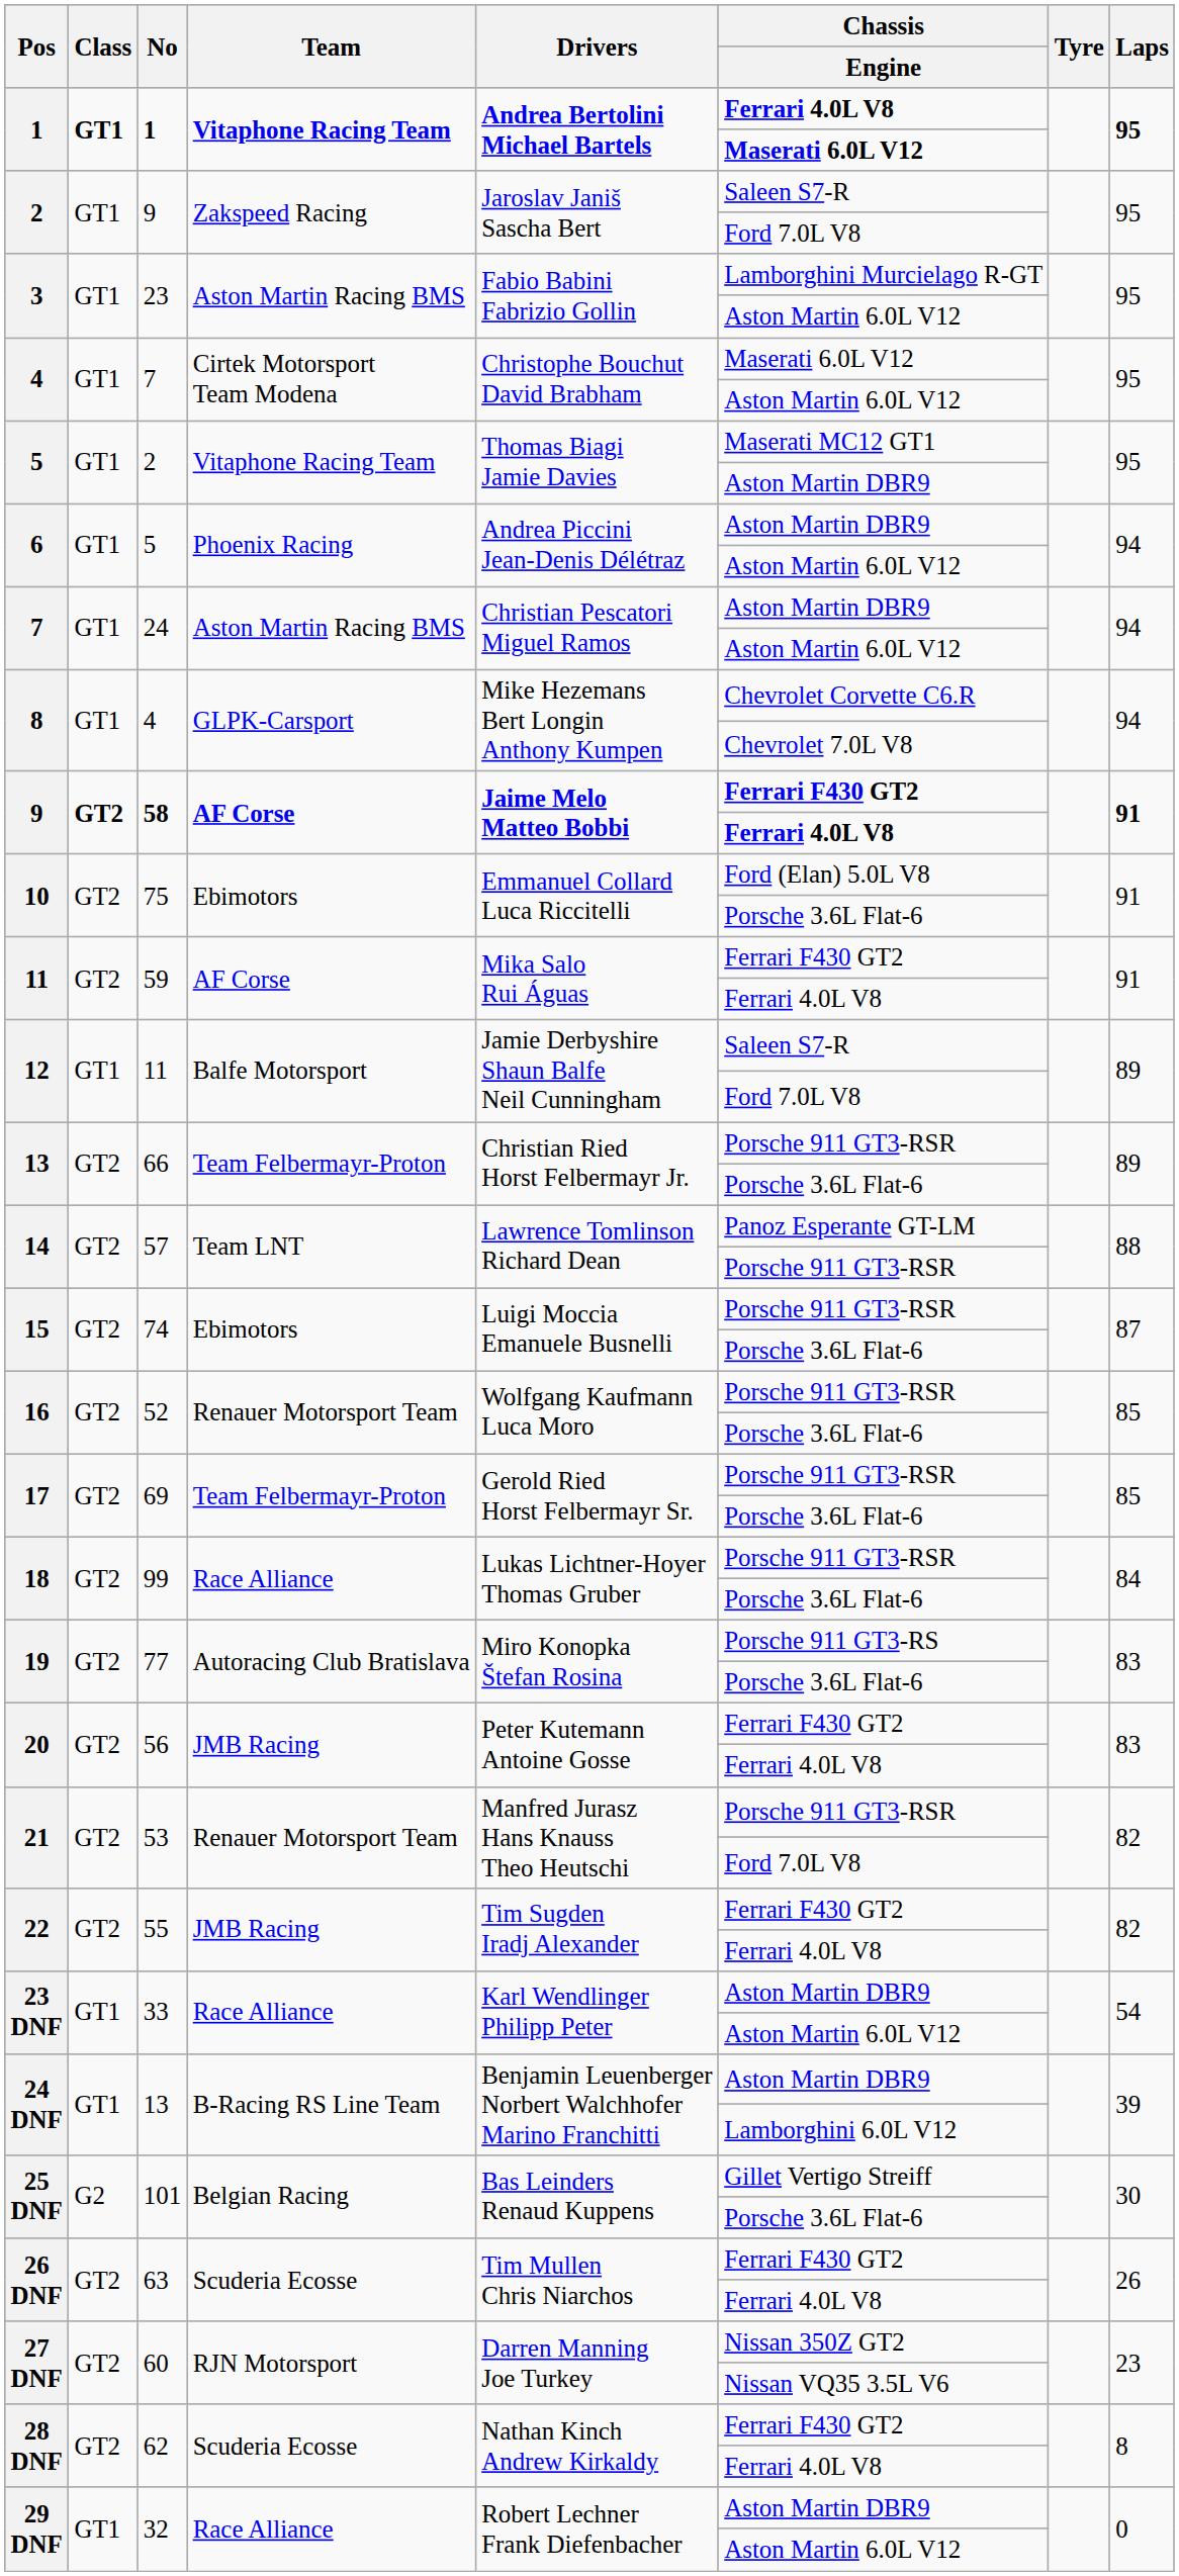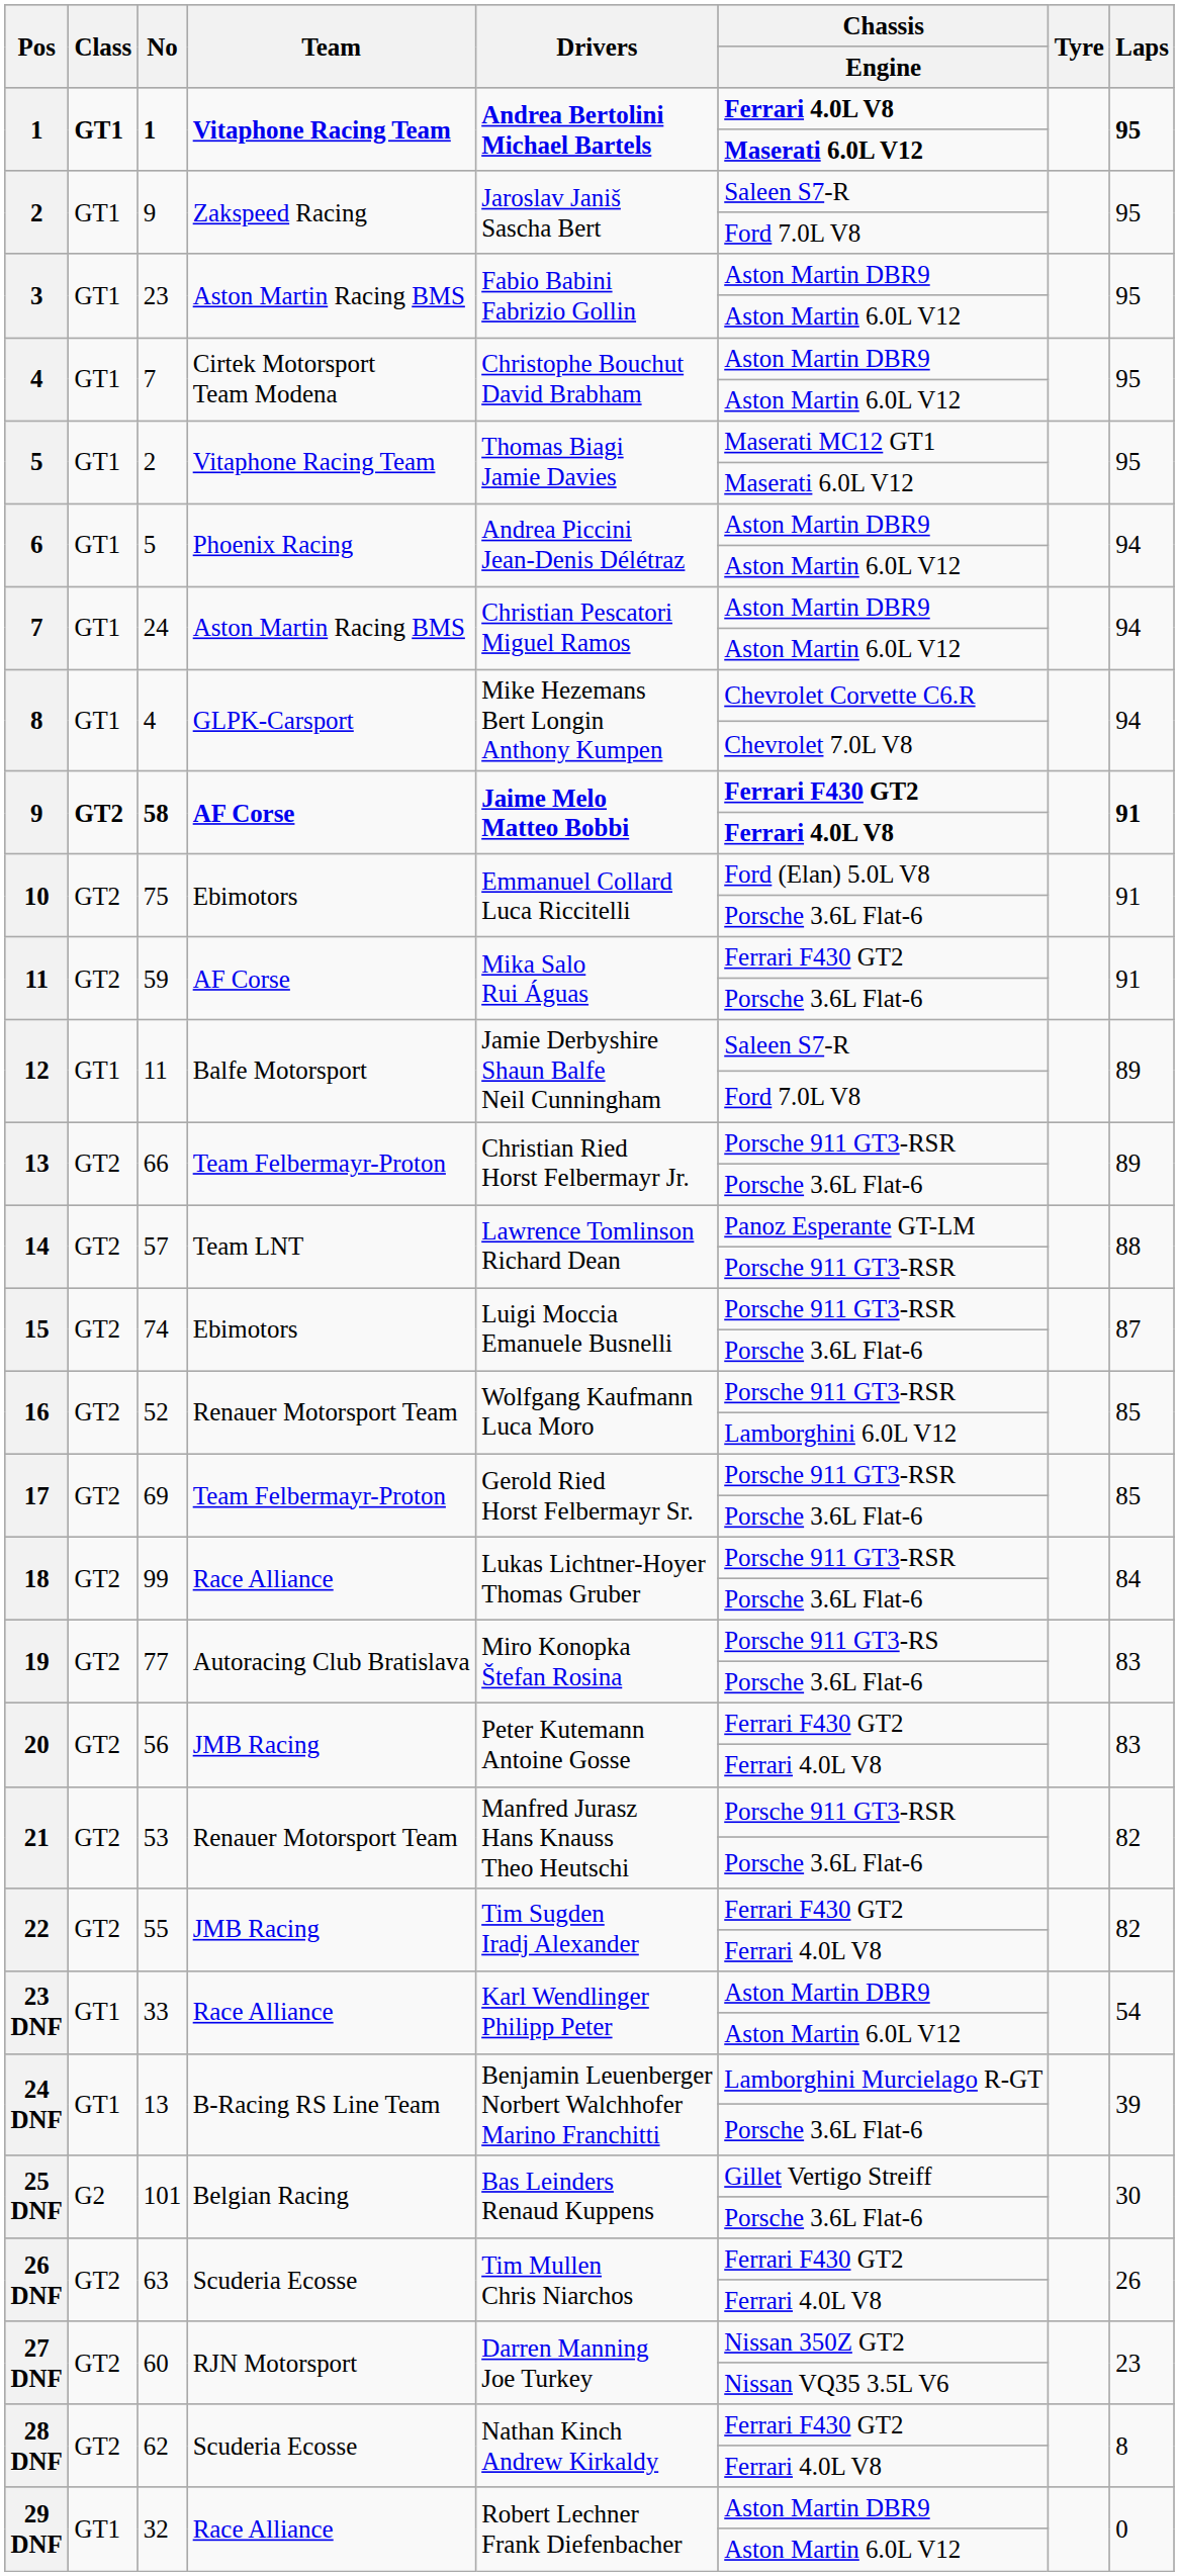 <table class="wikitable" style="font-size: 95%;">
 <tr>
 <th rowspan=2>Pos</th>
 <th rowspan=2>Class</th>
 <th rowspan=2>No</th>
 <th rowspan=2>Team</th>
 <th rowspan=2>Drivers</th>
 <th>Chassis</th>
 <th rowspan=2>Tyre</th>
 <th rowspan=2>Laps</th>
 </tr>
 <tr>
 <th>Engine</th>
 </tr>
 <tr style="font-weight:bold">
 <th rowspan=2>1</th>
 <td rowspan=2>GT1</td>
 <td rowspan=2>1</td>
 <td rowspan=2> <a href='#'>Vitaphone Racing Team</a></td>
 <td rowspan=2> <a href='#'>Andrea Bertolini</a><br> <a href='#'>Michael Bartels</a></td>
 <td><a href='#'>Ferrari</a> 4.0L V8</td>
 <td rowspan=2></td>
 <td rowspan=2>95</td>
 </tr>
 <tr style="font-weight:bold">
 <td><a href='#'>Maserati</a> 6.0L V12</td>
 </tr>
 <tr>
 <th rowspan=2>2</th>
 <td rowspan=2>GT1</td>
 <td rowspan=2>9</td>
 <td rowspan=2> <a href='#'>Zakspeed</a> Racing</td>
 <td rowspan=2> <a href='#'>Jaroslav Janiš</a><br> Sascha Bert</td>
 <td><a href='#'>Saleen S7</a>-R</td>
 <td rowspan=2></td>
 <td rowspan=2>95</td>
 </tr>
 <tr>
 <td><a href='#'>Ford</a> 7.0L V8</td>
 </tr>
 <tr>
 <th rowspan=2>3</th>
 <td rowspan=2>GT1</td>
 <td rowspan=2>23</td>
 <td rowspan=2> <a href='#'>Aston Martin</a> Racing <a href='#'>BMS</a></td>
 <td rowspan=2> <a href='#'>Fabio Babini</a><br> <a href='#'>Fabrizio Gollin</a></td>
-<td><a href='#'>Lamborghini Murcielago</a> R-GT</td>
+<td><a href='#'>Aston Martin DBR9</a></td>
 <td rowspan=2></td>
 <td rowspan=2>95</td>
 </tr>
 <tr>
 <td><a href='#'>Aston Martin</a> 6.0L V12</td>
 </tr>
 <tr>
 <th rowspan=2>4</th>
 <td rowspan=2>GT1</td>
 <td rowspan=2>7</td>
 <td rowspan=2> Cirtek Motorsport<br> Team Modena</td>
 <td rowspan=2> <a href='#'>Christophe Bouchut</a><br> <a href='#'>David Brabham</a></td>
-<td><a href='#'>Maserati</a> 6.0L V12</td>
+<td><a href='#'>Aston Martin DBR9</a></td>
 <td rowspan=2></td>
 <td rowspan=2>95</td>
 </tr>
 <tr>
 <td><a href='#'>Aston Martin</a> 6.0L V12</td>
 </tr>
 <tr>
 <th rowspan=2>5</th>
 <td rowspan=2>GT1</td>
 <td rowspan=2>2</td>
 <td rowspan=2> <a href='#'>Vitaphone Racing Team</a></td>
 <td rowspan=2> <a href='#'>Thomas Biagi</a><br> <a href='#'>Jamie Davies</a></td>
 <td><a href='#'>Maserati MC12</a> GT1</td>
 <td rowspan=2></td>
 <td rowspan=2>95</td>
 </tr>
 <tr>
-<td><a href='#'>Aston Martin DBR9</a></td>
+<td><a href='#'>Maserati</a> 6.0L V12</td>
 </tr>
 <tr>
 <th rowspan=2>6</th>
 <td rowspan=2>GT1</td>
 <td rowspan=2>5</td>
 <td rowspan=2> <a href='#'>Phoenix Racing</a></td>
 <td rowspan=2> <a href='#'>Andrea Piccini</a><br> <a href='#'>Jean-Denis Délétraz</a></td>
 <td><a href='#'>Aston Martin DBR9</a></td>
 <td rowspan=2></td>
 <td rowspan=2>94</td>
 </tr>
 <tr>
 <td><a href='#'>Aston Martin</a> 6.0L V12</td>
 </tr>
 <tr>
 <th rowspan=2>7</th>
 <td rowspan=2>GT1</td>
 <td rowspan=2>24</td>
 <td rowspan=2> <a href='#'>Aston Martin</a> Racing <a href='#'>BMS</a></td>
 <td rowspan=2> <a href='#'>Christian Pescatori</a><br> <a href='#'>Miguel Ramos</a></td>
 <td><a href='#'>Aston Martin DBR9</a></td>
 <td rowspan=2></td>
 <td rowspan=2>94</td>
 </tr>
 <tr>
 <td><a href='#'>Aston Martin</a> 6.0L V12</td>
 </tr>
 <tr>
 <th rowspan=2>8</th>
 <td rowspan=2>GT1</td>
 <td rowspan=2>4</td>
 <td rowspan=2> <a href='#'>GLPK-Carsport</a></td>
 <td rowspan=2> Mike Hezemans<br> Bert Longin<br> <a href='#'>Anthony Kumpen</a></td>
 <td><a href='#'>Chevrolet Corvette C6.R</a></td>
 <td rowspan=2></td>
 <td rowspan=2>94</td>
 </tr>
 <tr>
 <td><a href='#'>Chevrolet</a> 7.0L V8</td>
 </tr>
 <tr style="font-weight:bold">
 <th rowspan=2>9</th>
 <td rowspan=2>GT2</td>
 <td rowspan=2>58</td>
 <td rowspan=2> <a href='#'>AF Corse</a></td>
 <td rowspan=2> <a href='#'>Jaime Melo</a><br> <a href='#'>Matteo Bobbi</a></td>
 <td><a href='#'>Ferrari F430</a> GT2</td>
 <td rowspan=2></td>
 <td rowspan=2>91</td>
 </tr>
 <tr style="font-weight:bold">
 <td><a href='#'>Ferrari</a> 4.0L V8</td>
 </tr>
 <tr>
 <th rowspan=2>10</th>
 <td rowspan=2>GT2</td>
 <td rowspan=2>75</td>
 <td rowspan=2> Ebimotors</td>
 <td rowspan=2> <a href='#'>Emmanuel Collard</a><br> Luca Riccitelli</td>
 <td><a href='#'>Ford</a> (Elan) 5.0L V8</td>
 <td rowspan=2></td>
 <td rowspan=2>91</td>
 </tr>
 <tr>
 <td><a href='#'>Porsche</a> 3.6L Flat-6</td>
 </tr>
 <tr>
 <th rowspan=2>11</th>
 <td rowspan=2>GT2</td>
 <td rowspan=2>59</td>
 <td rowspan=2> <a href='#'>AF Corse</a></td>
 <td rowspan=2> <a href='#'>Mika Salo</a><br> <a href='#'>Rui Águas</a></td>
 <td><a href='#'>Ferrari F430</a> GT2</td>
 <td rowspan=2></td>
 <td rowspan=2>91</td>
 </tr>
 <tr>
-<td><a href='#'>Ferrari</a> 4.0L V8</td>
+<td><a href='#'>Porsche</a> 3.6L Flat-6</td>
 </tr>
 <tr>
 <th rowspan=2>12</th>
 <td rowspan=2>GT1</td>
 <td rowspan=2>11</td>
 <td rowspan=2> Balfe Motorsport</td>
 <td rowspan=2> Jamie Derbyshire<br> <a href='#'>Shaun Balfe</a><br> Neil Cunningham</td>
 <td><a href='#'>Saleen S7</a>-R</td>
 <td rowspan=2></td>
 <td rowspan=2>89</td>
 </tr>
 <tr>
 <td><a href='#'>Ford</a> 7.0L V8</td>
 </tr>
 <tr>
 <th rowspan=2>13</th>
 <td rowspan=2>GT2</td>
 <td rowspan=2>66</td>
 <td rowspan=2> <a href='#'>Team Felbermayr-Proton</a></td>
 <td rowspan=2> Christian Ried<br> Horst Felbermayr Jr.</td>
 <td><a href='#'>Porsche 911 GT3</a>-RSR</td>
 <td rowspan=2></td>
 <td rowspan=2>89</td>
 </tr>
 <tr>
 <td><a href='#'>Porsche</a> 3.6L Flat-6</td>
 </tr>
 <tr>
 <th rowspan=2>14</th>
 <td rowspan=2>GT2</td>
 <td rowspan=2>57</td>
 <td rowspan=2> Team LNT</td>
 <td rowspan=2> <a href='#'>Lawrence Tomlinson</a><br> Richard Dean</td>
 <td><a href='#'>Panoz Esperante</a> GT-LM</td>
 <td rowspan=2></td>
 <td rowspan=2>88</td>
 </tr>
 <tr>
 <td><a href='#'>Porsche 911 GT3</a>-RSR</td>
 </tr>
 <tr>
 <th rowspan=2>15</th>
 <td rowspan=2>GT2</td>
 <td rowspan=2>74</td>
 <td rowspan=2> Ebimotors</td>
 <td rowspan=2> Luigi Moccia<br> Emanuele Busnelli</td>
 <td><a href='#'>Porsche 911 GT3</a>-RSR</td>
 <td rowspan=2></td>
 <td rowspan=2>87</td>
 </tr>
 <tr>
 <td><a href='#'>Porsche</a> 3.6L Flat-6</td>
 </tr>
 <tr>
 <th rowspan=2>16</th>
 <td rowspan=2>GT2</td>
 <td rowspan=2>52</td>
 <td rowspan=2> Renauer Motorsport Team</td>
 <td rowspan=2> Wolfgang Kaufmann<br> Luca Moro</td>
 <td><a href='#'>Porsche 911 GT3</a>-RSR</td>
 <td rowspan=2></td>
 <td rowspan=2>85</td>
 </tr>
 <tr>
-<td><a href='#'>Porsche</a> 3.6L Flat-6</td>
+<td><a href='#'>Lamborghini</a> 6.0L V12</td>
 </tr>
 <tr>
 <th rowspan=2>17</th>
 <td rowspan=2>GT2</td>
 <td rowspan=2>69</td>
 <td rowspan=2> <a href='#'>Team Felbermayr-Proton</a></td>
 <td rowspan=2> Gerold Ried<br> Horst Felbermayr Sr.</td>
 <td><a href='#'>Porsche 911 GT3</a>-RSR</td>
 <td rowspan=2></td>
 <td rowspan=2>85</td>
 </tr>
 <tr>
 <td><a href='#'>Porsche</a> 3.6L Flat-6</td>
 </tr>
 <tr>
 <th rowspan=2>18</th>
 <td rowspan=2>GT2</td>
 <td rowspan=2>99</td>
 <td rowspan=2> <a href='#'>Race Alliance</a></td>
 <td rowspan=2> Lukas Lichtner-Hoyer<br> Thomas Gruber</td>
 <td><a href='#'>Porsche 911 GT3</a>-RSR</td>
 <td rowspan=2></td>
 <td rowspan=2>84</td>
 </tr>
 <tr>
 <td><a href='#'>Porsche</a> 3.6L Flat-6</td>
 </tr>
 <tr>
 <th rowspan=2>19</th>
 <td rowspan=2>GT2</td>
 <td rowspan=2>77</td>
 <td rowspan=2> Autoracing Club Bratislava</td>
 <td rowspan=2> Miro Konopka<br> <a href='#'>Štefan Rosina</a></td>
 <td><a href='#'>Porsche 911 GT3</a>-RS</td>
 <td rowspan=2></td>
 <td rowspan=2>83</td>
 </tr>
 <tr>
 <td><a href='#'>Porsche</a> 3.6L Flat-6</td>
 </tr>
 <tr>
 <th rowspan=2>20</th>
 <td rowspan=2>GT2</td>
 <td rowspan=2>56</td>
 <td rowspan=2> <a href='#'>JMB Racing</a></td>
 <td rowspan=2> Peter Kutemann<br> Antoine Gosse</td>
 <td><a href='#'>Ferrari F430</a> GT2</td>
 <td rowspan=2></td>
 <td rowspan=2>83</td>
 </tr>
 <tr>
 <td><a href='#'>Ferrari</a> 4.0L V8</td>
 </tr>
 <tr>
 <th rowspan=2>21</th>
 <td rowspan=2>GT2</td>
 <td rowspan=2>53</td>
 <td rowspan=2> Renauer Motorsport Team</td>
 <td rowspan=2> Manfred Jurasz<br> Hans Knauss<br> Theo Heutschi</td>
 <td><a href='#'>Porsche 911 GT3</a>-RSR</td>
 <td rowspan=2></td>
 <td rowspan=2>82</td>
 </tr>
 <tr>
-<td><a href='#'>Ford</a> 7.0L V8</td>
+<td><a href='#'>Porsche</a> 3.6L Flat-6</td>
 </tr>
 <tr>
 <th rowspan=2>22</th>
 <td rowspan=2>GT2</td>
 <td rowspan=2>55</td>
 <td rowspan=2> <a href='#'>JMB Racing</a></td>
 <td rowspan=2> <a href='#'>Tim Sugden</a><br> <a href='#'>Iradj Alexander</a></td>
 <td><a href='#'>Ferrari F430</a> GT2</td>
 <td rowspan=2></td>
 <td rowspan=2>82</td>
 </tr>
 <tr>
 <td><a href='#'>Ferrari</a> 4.0L V8</td>
 </tr>
 <tr>
 <th rowspan=2>23<br>DNF</th>
 <td rowspan=2>GT1</td>
 <td rowspan=2>33</td>
 <td rowspan=2> <a href='#'>Race Alliance</a></td>
 <td rowspan=2> <a href='#'>Karl Wendlinger</a><br> <a href='#'>Philipp Peter</a></td>
 <td><a href='#'>Aston Martin DBR9</a></td>
 <td rowspan=2></td>
 <td rowspan=2>54</td>
 </tr>
 <tr>
 <td><a href='#'>Aston Martin</a> 6.0L V12</td>
 </tr>
 <tr>
 <th rowspan=2>24<br>DNF</th>
 <td rowspan=2>GT1</td>
 <td rowspan=2>13</td>
 <td rowspan=2> B-Racing RS Line Team</td>
 <td rowspan=2> Benjamin Leuenberger<br> Norbert Walchhofer<br> <a href='#'>Marino Franchitti</a></td>
-<td><a href='#'>Aston Martin DBR9</a></td>
+<td><a href='#'>Lamborghini Murcielago</a> R-GT</td>
 <td rowspan=2></td>
 <td rowspan=2>39</td>
 </tr>
 <tr>
-<td><a href='#'>Lamborghini</a> 6.0L V12</td>
+<td><a href='#'>Porsche</a> 3.6L Flat-6</td>
 </tr>
 <tr>
 <th rowspan=2>25<br>DNF</th>
 <td rowspan=2>G2</td>
 <td rowspan=2>101</td>
 <td rowspan=2> Belgian Racing</td>
 <td rowspan=2> <a href='#'>Bas Leinders</a><br> Renaud Kuppens</td>
 <td><a href='#'>Gillet</a> Vertigo Streiff</td>
 <td rowspan=2></td>
 <td rowspan=2>30</td>
 </tr>
 <tr>
 <td><a href='#'>Porsche</a> 3.6L Flat-6</td>
 </tr>
 <tr>
 <th rowspan=2>26<br>DNF</th>
 <td rowspan=2>GT2</td>
 <td rowspan=2>63</td>
 <td rowspan=2> Scuderia Ecosse</td>
 <td rowspan=2> <a href='#'>Tim Mullen</a><br> Chris Niarchos</td>
 <td><a href='#'>Ferrari F430</a> GT2</td>
 <td rowspan=2></td>
 <td rowspan=2>26</td>
 </tr>
 <tr>
 <td><a href='#'>Ferrari</a> 4.0L V8</td>
 </tr>
 <tr>
 <th rowspan=2>27<br>DNF</th>
 <td rowspan=2>GT2</td>
 <td rowspan=2>60</td>
 <td rowspan=2> RJN Motorsport</td>
 <td rowspan=2> <a href='#'>Darren Manning</a><br> Joe Turkey</td>
 <td><a href='#'>Nissan 350Z</a> GT2</td>
 <td rowspan=2></td>
 <td rowspan=2>23</td>
 </tr>
 <tr>
 <td><a href='#'>Nissan</a> VQ35 3.5L V6</td>
 </tr>
 <tr>
 <th rowspan=2>28<br>DNF</th>
 <td rowspan=2>GT2</td>
 <td rowspan=2>62</td>
 <td rowspan=2> Scuderia Ecosse</td>
 <td rowspan=2> Nathan Kinch<br> <a href='#'>Andrew Kirkaldy</a></td>
 <td><a href='#'>Ferrari F430</a> GT2</td>
 <td rowspan=2></td>
 <td rowspan=2>8</td>
 </tr>
 <tr>
 <td><a href='#'>Ferrari</a> 4.0L V8</td>
 </tr>
 <tr>
 <th rowspan=2>29<br>DNF</th>
 <td rowspan=2>GT1</td>
 <td rowspan=2>32</td>
 <td rowspan=2> <a href='#'>Race Alliance</a></td>
 <td rowspan=2> Robert Lechner<br> Frank Diefenbacher</td>
 <td><a href='#'>Aston Martin DBR9</a></td>
 <td rowspan=2></td>
 <td rowspan=2>0</td>
 </tr>
 <tr>
 <td><a href='#'>Aston Martin</a> 6.0L V12</td>
 </tr>
 </table>
